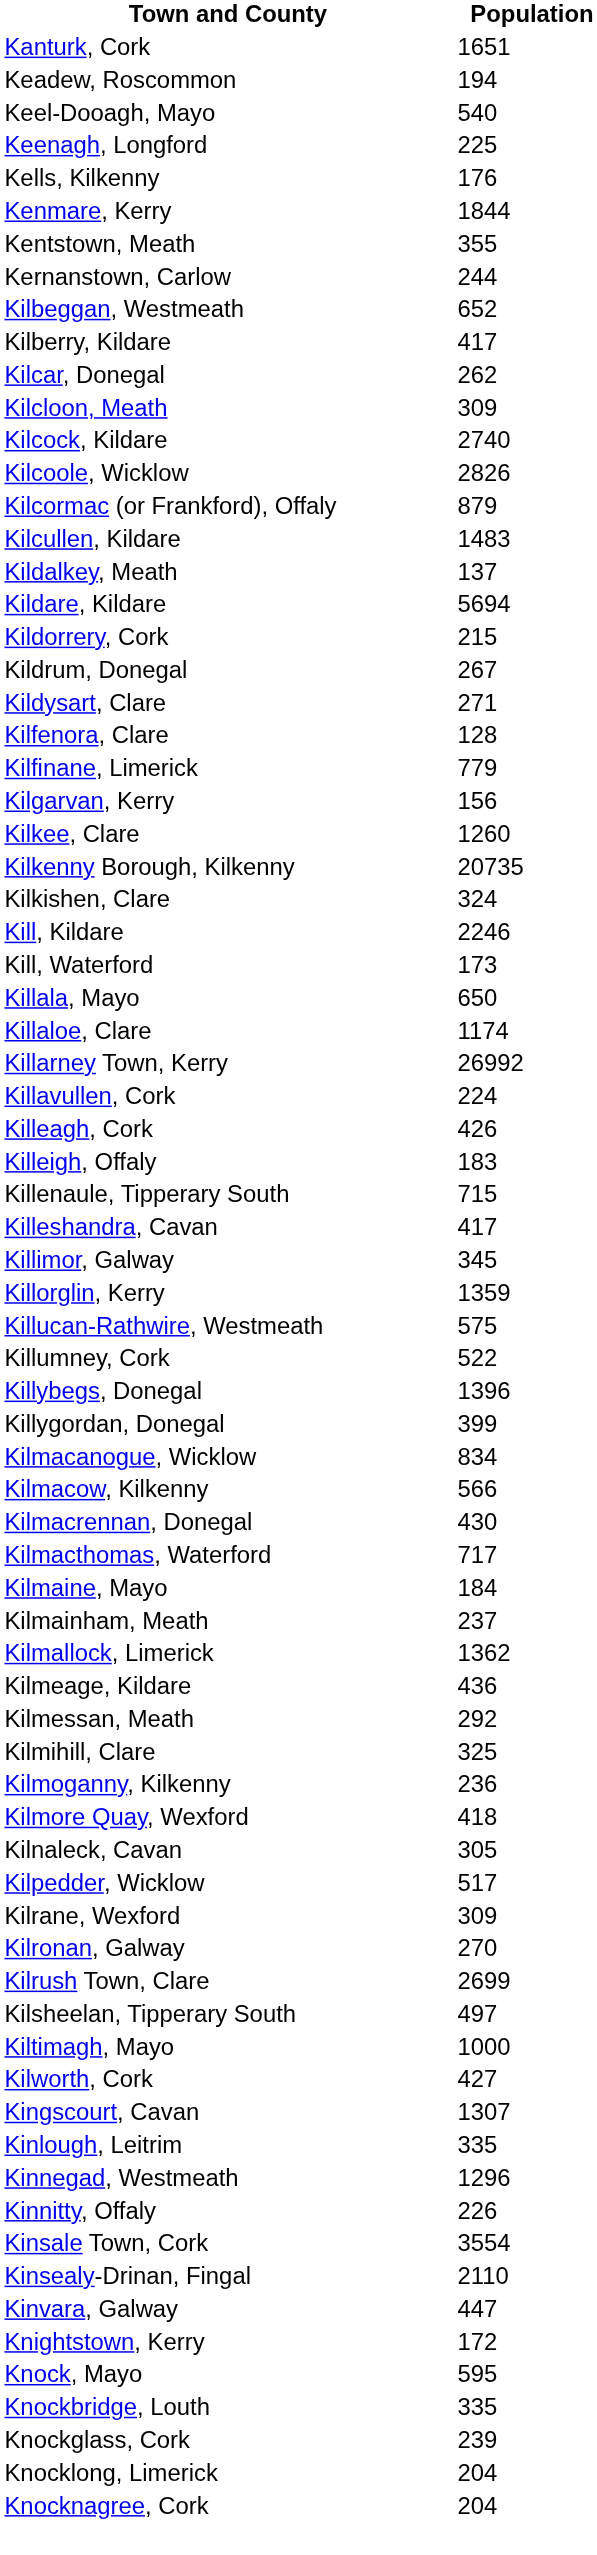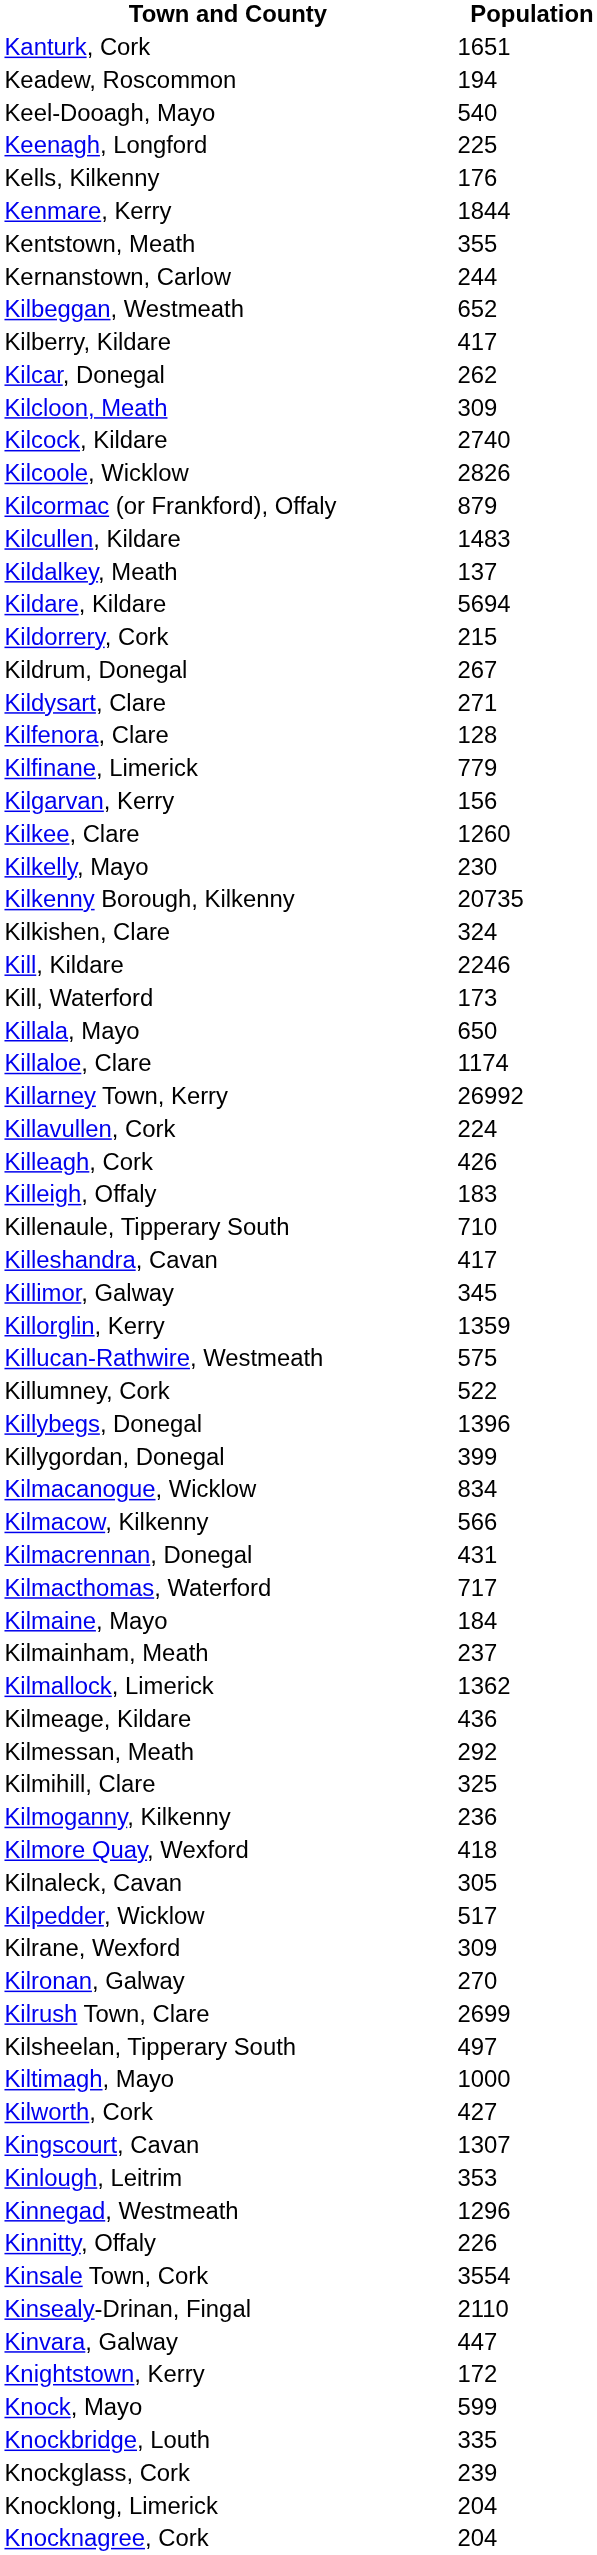 <table>
 <tr>
 <th style="width:300px;align:left;">Town and County</th>
 <th style="width:100px;align:right;">Population</th>
 </tr>
 <tr>
 <td><a href='#'>Kanturk</a>, Cork</td>
 <td>1651</td>
 </tr>
 <tr>
 <td>Keadew, Roscommon</td>
 <td>194</td>
 </tr>
 <tr>
 <td>Keel-Dooagh, Mayo</td>
 <td>540</td>
 </tr>
 <tr>
 <td><a href='#'>Keenagh</a>, Longford</td>
 <td>225</td>
 </tr>
 <tr>
 <td>Kells, Kilkenny</td>
 <td>176</td>
 </tr>
 <tr>
 <td><a href='#'>Kenmare</a>, Kerry</td>
 <td>1844</td>
 </tr>
 <tr>
 <td>Kentstown, Meath</td>
 <td>355</td>
 </tr>
 <tr>
 <td>Kernanstown, Carlow</td>
 <td>244</td>
 </tr>
 <tr>
 <td><a href='#'>Kilbeggan</a>, Westmeath</td>
 <td>652</td>
 </tr>
 <tr>
 <td>Kilberry, Kildare</td>
 <td>417</td>
 </tr>
 <tr>
 <td><a href='#'>Kilcar</a>, Donegal</td>
 <td>262</td>
 </tr>
 <tr>
 <td><a href='#'>Kilcloon, Meath</a></td>
 <td>309</td>
 </tr>
 <tr>
 <td><a href='#'>Kilcock</a>, Kildare</td>
 <td>2740</td>
 </tr>
 <tr>
 <td><a href='#'>Kilcoole</a>, Wicklow</td>
 <td>2826</td>
 </tr>
 <tr>
 <td><a href='#'>Kilcormac</a> (or Frankford), Offaly</td>
 <td>879</td>
 </tr>
 <tr>
 <td><a href='#'>Kilcullen</a>, Kildare</td>
 <td>1483</td>
 </tr>
 <tr>
 <td><a href='#'>Kildalkey</a>, Meath</td>
 <td>137</td>
 </tr>
 <tr>
 <td><a href='#'>Kildare</a>, Kildare</td>
 <td>5694</td>
 </tr>
 <tr>
 <td><a href='#'>Kildorrery</a>, Cork</td>
 <td>215</td>
 </tr>
 <tr>
 <td>Kildrum, Donegal</td>
 <td>267</td>
 </tr>
 <tr>
 <td><a href='#'>Kildysart</a>, Clare</td>
 <td>271</td>
 </tr>
 <tr>
 <td><a href='#'>Kilfenora</a>, Clare</td>
 <td>128</td>
 </tr>
 <tr>
 <td><a href='#'>Kilfinane</a>, Limerick</td>
 <td>779</td>
 </tr>
 <tr>
 <td><a href='#'>Kilgarvan</a>, Kerry</td>
 <td>156</td>
 </tr>
 <tr>
 <td><a href='#'>Kilkee</a>, Clare</td>
 <td>1260</td>
 </tr>
 <tr>
+<td><a href='#'>Kilkelly</a>, Mayo</td>
+<td>230</td>
+</tr>
+<tr>
 <td><a href='#'>Kilkenny</a> Borough, Kilkenny</td>
 <td>20735</td>
 </tr>
 <tr>
 <td>Kilkishen, Clare</td>
 <td>324</td>
 </tr>
 <tr>
 <td><a href='#'>Kill</a>, Kildare</td>
 <td>2246</td>
 </tr>
 <tr>
 <td>Kill, Waterford</td>
 <td>173</td>
 </tr>
 <tr>
 <td><a href='#'>Killala</a>, Mayo</td>
 <td>650</td>
 </tr>
 <tr>
 <td><a href='#'>Killaloe</a>, Clare</td>
 <td>1174</td>
 </tr>
 <tr>
 <td><a href='#'>Killarney</a> Town, Kerry</td>
 <td>26992</td>
 </tr>
 <tr>
 <td><a href='#'>Killavullen</a>, Cork</td>
 <td>224</td>
 </tr>
 <tr>
 <td><a href='#'>Killeagh</a>, Cork</td>
 <td>426</td>
 </tr>
 <tr>
 <td><a href='#'>Killeigh</a>, Offaly</td>
 <td>183</td>
 </tr>
 <tr>
 <td>Killenaule, Tipperary South</td>
-<td>715</td>
+<td>710</td>
 </tr>
 <tr>
 <td><a href='#'>Killeshandra</a>, Cavan</td>
 <td>417</td>
 </tr>
 <tr>
 <td><a href='#'>Killimor</a>, Galway</td>
 <td>345</td>
 </tr>
 <tr>
 <td><a href='#'>Killorglin</a>, Kerry</td>
 <td>1359</td>
 </tr>
 <tr>
 <td><a href='#'>Killucan-Rathwire</a>, Westmeath</td>
 <td>575</td>
 </tr>
 <tr>
 <td>Killumney, Cork</td>
 <td>522</td>
 </tr>
 <tr>
 <td><a href='#'>Killybegs</a>, Donegal</td>
 <td>1396</td>
 </tr>
 <tr>
 <td>Killygordan, Donegal</td>
 <td>399</td>
 </tr>
 <tr>
 <td><a href='#'>Kilmacanogue</a>, Wicklow</td>
 <td>834</td>
 </tr>
 <tr>
 <td><a href='#'>Kilmacow</a>, Kilkenny</td>
 <td>566</td>
 </tr>
 <tr>
 <td><a href='#'>Kilmacrennan</a>, Donegal</td>
-<td>430</td>
+<td>431</td>
 </tr>
 <tr>
 <td><a href='#'>Kilmacthomas</a>, Waterford</td>
 <td>717</td>
 </tr>
 <tr>
 <td><a href='#'>Kilmaine</a>, Mayo</td>
 <td>184</td>
 </tr>
 <tr>
 <td>Kilmainham, Meath</td>
 <td>237</td>
 </tr>
 <tr>
 <td><a href='#'>Kilmallock</a>, Limerick</td>
 <td>1362</td>
 </tr>
 <tr>
 <td>Kilmeage, Kildare</td>
 <td>436</td>
 </tr>
 <tr>
 <td>Kilmessan, Meath</td>
 <td>292</td>
 </tr>
 <tr>
 <td>Kilmihill, Clare</td>
 <td>325</td>
 </tr>
 <tr>
 <td><a href='#'>Kilmoganny</a>, Kilkenny</td>
 <td>236</td>
 </tr>
 <tr>
 <td><a href='#'>Kilmore Quay</a>, Wexford</td>
 <td>418</td>
 </tr>
 <tr>
 <td>Kilnaleck, Cavan</td>
 <td>305</td>
 </tr>
 <tr>
 <td><a href='#'>Kilpedder</a>, Wicklow</td>
 <td>517</td>
 </tr>
 <tr>
 <td>Kilrane, Wexford</td>
 <td>309</td>
 </tr>
 <tr>
 <td><a href='#'>Kilronan</a>, Galway</td>
 <td>270</td>
 </tr>
 <tr>
 <td><a href='#'>Kilrush</a> Town, Clare</td>
 <td>2699</td>
 </tr>
 <tr>
 <td>Kilsheelan, Tipperary South</td>
 <td>497</td>
 </tr>
 <tr>
 <td><a href='#'>Kiltimagh</a>, Mayo</td>
 <td>1000</td>
 </tr>
 <tr>
 <td><a href='#'>Kilworth</a>, Cork</td>
 <td>427</td>
 </tr>
 <tr>
 <td><a href='#'>Kingscourt</a>, Cavan</td>
 <td>1307</td>
 </tr>
 <tr>
 <td><a href='#'>Kinlough</a>, Leitrim</td>
-<td>335</td>
+<td>353</td>
 </tr>
 <tr>
 <td><a href='#'>Kinnegad</a>, Westmeath</td>
 <td>1296</td>
 </tr>
 <tr>
 <td><a href='#'>Kinnitty</a>, Offaly</td>
 <td>226</td>
 </tr>
 <tr>
 <td><a href='#'>Kinsale</a> Town, Cork</td>
 <td>3554</td>
 </tr>
 <tr>
 <td><a href='#'>Kinsealy</a>-Drinan, Fingal</td>
 <td>2110</td>
 </tr>
 <tr>
 <td><a href='#'>Kinvara</a>, Galway</td>
 <td>447</td>
 </tr>
 <tr>
 <td><a href='#'>Knightstown</a>, Kerry</td>
 <td>172</td>
 </tr>
 <tr>
 <td><a href='#'>Knock</a>, Mayo</td>
-<td>595</td>
+<td>599</td>
 </tr>
 <tr>
 <td><a href='#'>Knockbridge</a>, Louth</td>
 <td>335</td>
 </tr>
 <tr>
 <td>Knockglass, Cork</td>
 <td>239</td>
 </tr>
 <tr>
 <td>Knocklong, Limerick</td>
 <td>204</td>
 </tr>
 <tr>
 <td><a href='#'>Knocknagree</a>, Cork</td>
 <td>204</td>
 </tr>
 </table>
